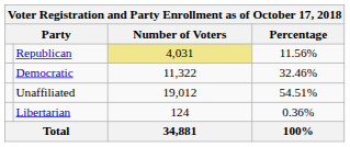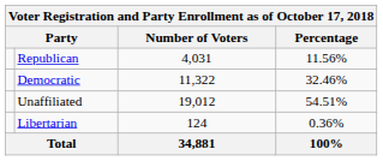 <table class=wikitable>
 <tr>
 <th colspan = 6>Voter Registration and Party Enrollment as of October 17, 2018</th>
 </tr>
 <tr>
 <th colspan = 2>Party</th>
 <th>Number of Voters</th>
 <th>Percentage</th>
 </tr>
 <tr>
 <td></td>
 <td><a href='#'>Republican</a></td>
-<td align = center style="background: khaki;">4,031</td>
+<td align = center>4,031</td>
 <td align = center>11.56%</td>
 </tr>
 <tr>
 <td></td>
 <td><a href='#'>Democratic</a></td>
 <td align = center>11,322</td>
 <td align = center>32.46%</td>
 </tr>
 <tr>
 <td></td>
 <td>Unaffiliated</td>
 <td align = center>19,012</td>
 <td align = center>54.51%</td>
 </tr>
 <tr>
 <td></td>
 <td><a href='#'>Libertarian</a></td>
 <td align = center>124</td>
 <td align = center>0.36%</td>
 </tr>
 <tr>
 <th colspan = 2>Total</th>
 <th align = center>34,881</th>
 <th align = center>100%</th>
 </tr>
 </table>
